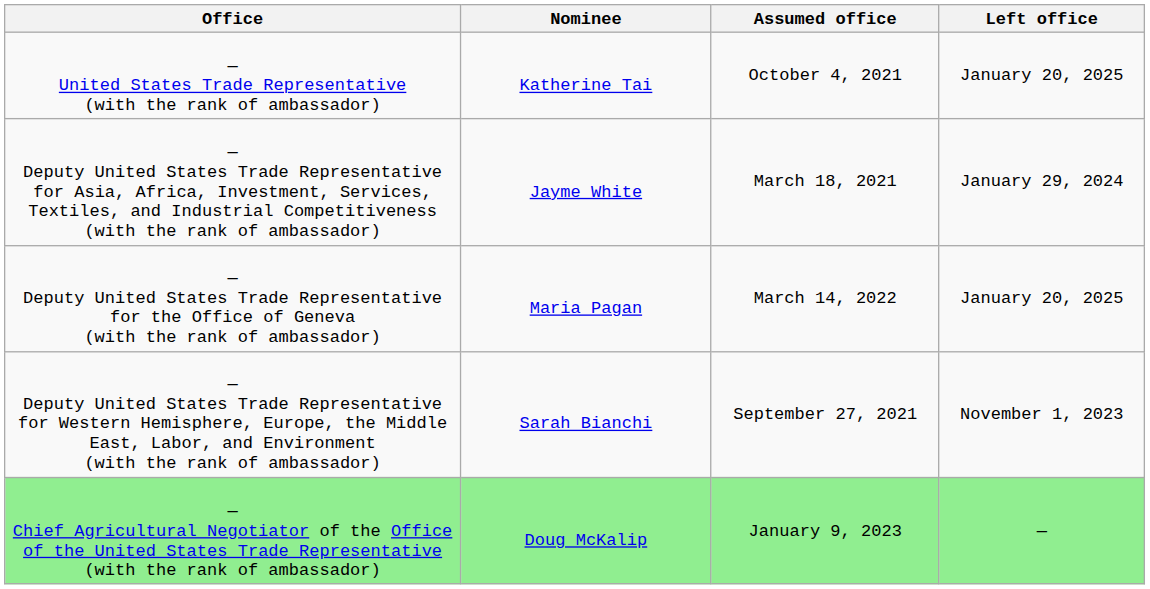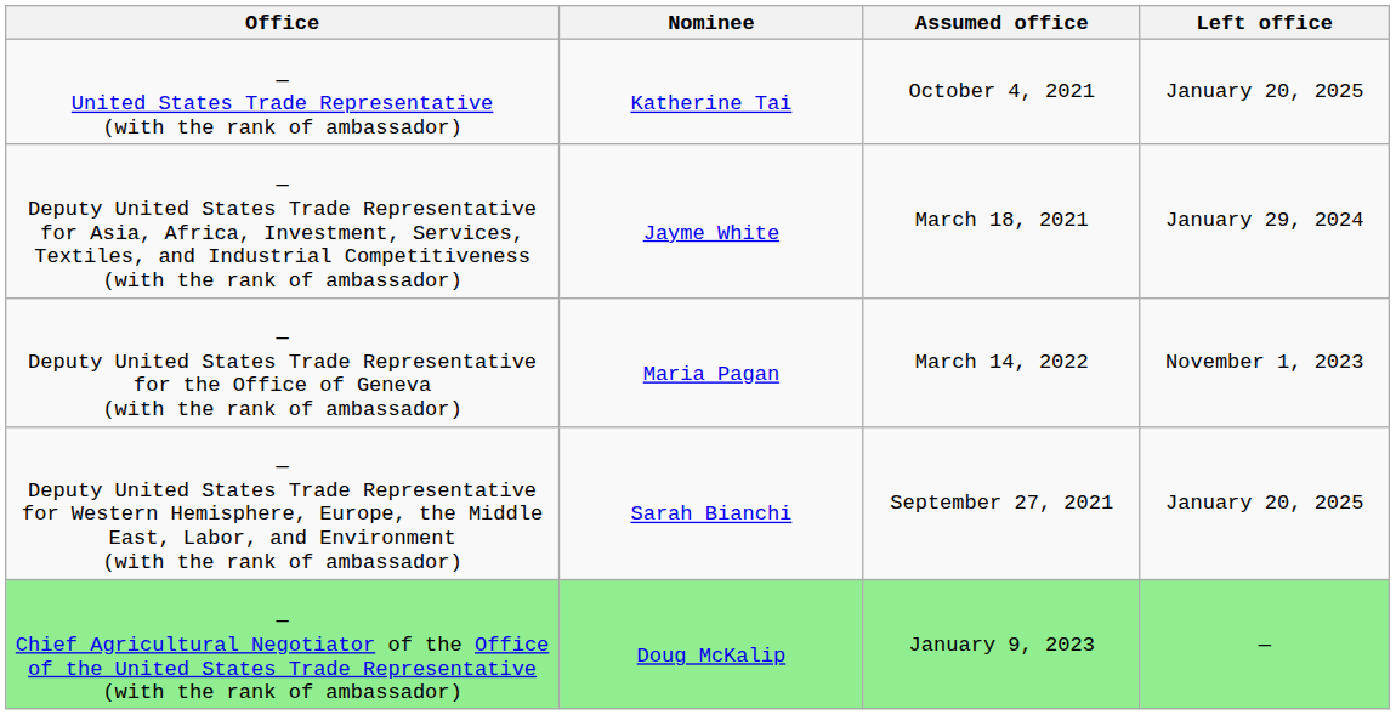 <table class="wikitable sortable" style="text-align:center">
 <tr>
 <th style="width:40%">Office</th>
 <th style="width:22%">Nominee</th>
 <th style="width:20%">Assumed office</th>
 <th style="width:18%">Left office</th>
 </tr>
 <tr>
 <td><br>—<br><a href='#'>United States Trade Representative</a><br>(with the rank of ambassador)</td>
 <td><br><a href='#'>Katherine Tai</a></td>
 <td>October 4, 2021<br></td>
 <td>January 20, 2025</td>
 </tr>
 <tr>
 <td><br>—<br>Deputy United States Trade Representative for Asia, Africa, Investment, Services, Textiles, and Industrial Competitiveness<br>(with the rank of ambassador)</td>
 <td><br><a href='#'>Jayme White</a></td>
 <td>March 18, 2021<br></td>
 <td>January 29, 2024</td>
 </tr>
 <tr>
 <td><br>—<br>Deputy United States Trade Representative for the Office of Geneva<br>(with the rank of ambassador)</td>
 <td><br><a href='#'>Maria Pagan</a></td>
 <td>March 14, 2022<br></td>
-<td>January 20, 2025</td>
+<td>November 1, 2023</td>
 </tr>
 <tr>
 <td><br>—<br>Deputy United States Trade Representative for Western Hemisphere, Europe, the Middle East, Labor, and Environment<br>(with the rank of ambassador)</td>
 <td><br><a href='#'>Sarah Bianchi</a></td>
 <td>September 27, 2021<br></td>
-<td>November 1, 2023</td>
+<td>January 20, 2025</td>
 </tr>
 <tr style="background:lightgreen">
 <td><br>—<br><a href='#'>Chief Agricultural Negotiator</a> of the <a href='#'>Office of the United States Trade Representative</a><br>(with the rank of ambassador)</td>
 <td><br><a href='#'>Doug McKalip</a></td>
 <td>January 9, 2023<br></td>
 <td>—</td>
 </tr>
 </table>
